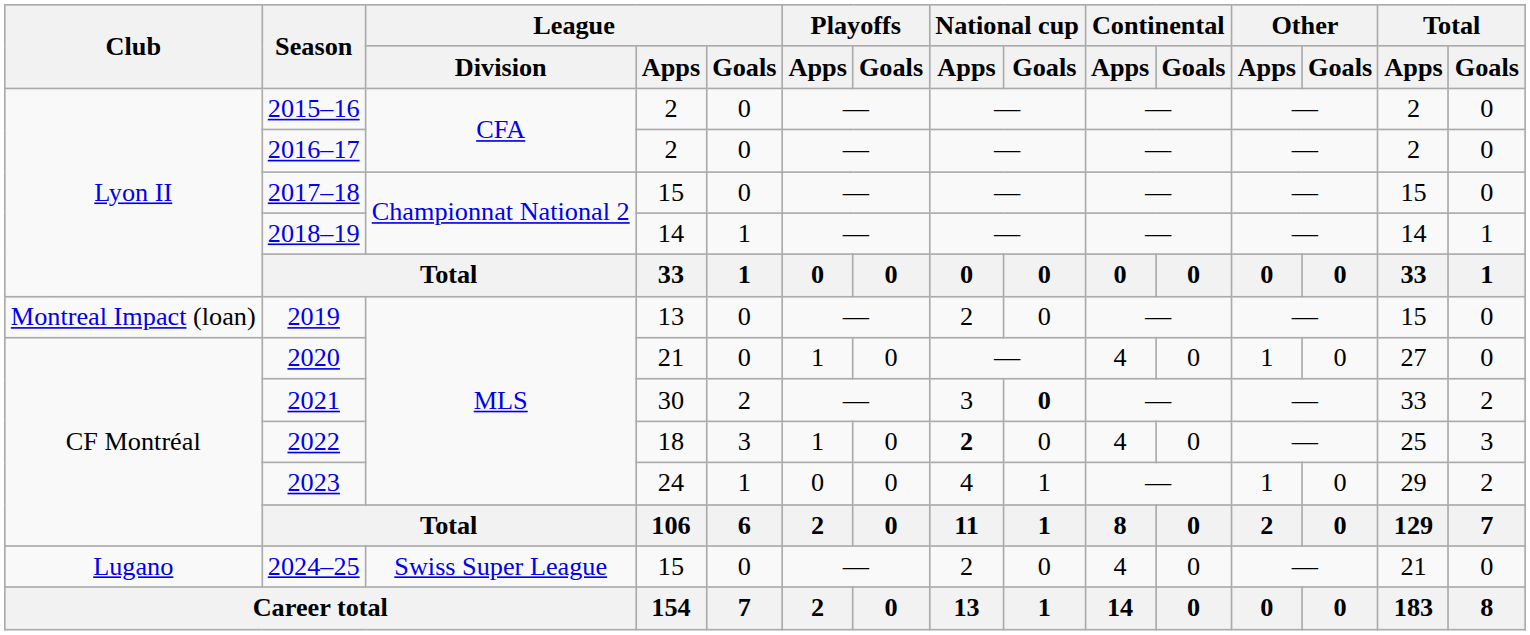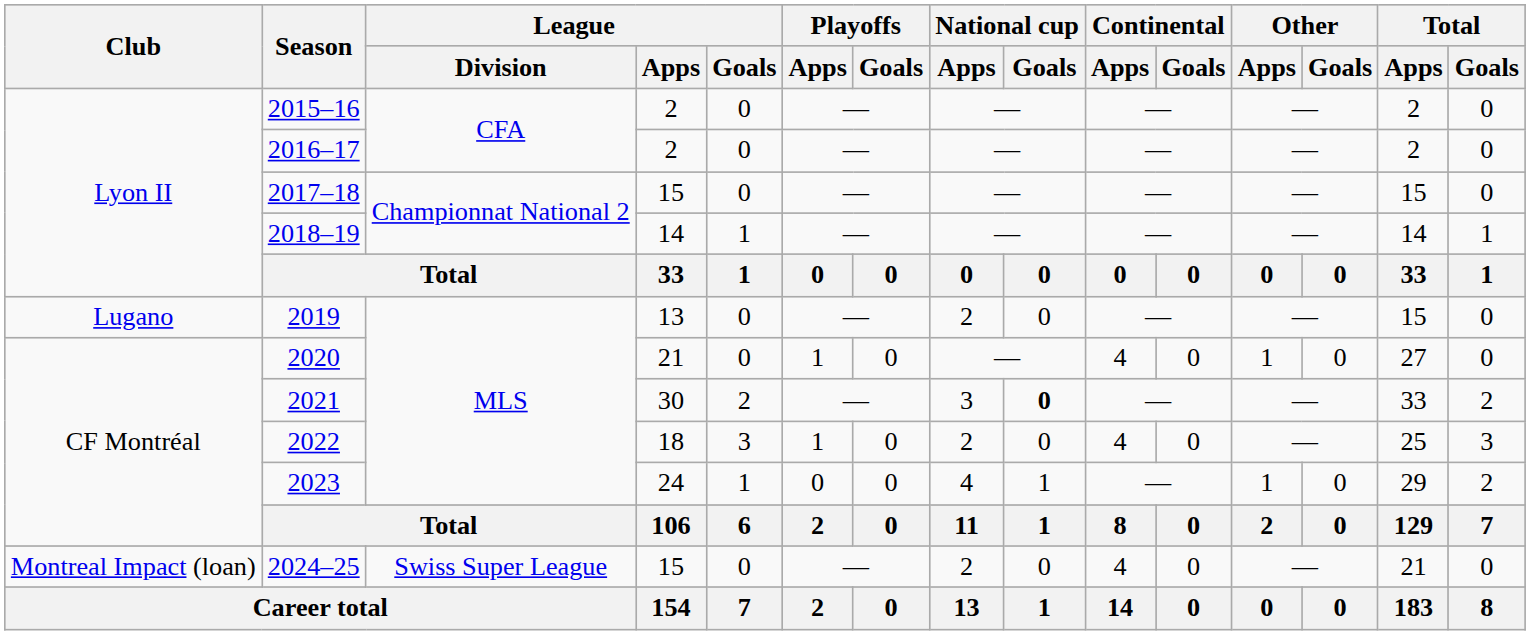 <table class="wikitable" style="text-align: center;">
 <tr>
 <th rowspan="2">Club</th>
 <th rowspan="2">Season</th>
 <th colspan="3">League</th>
 <th colspan="2">Playoffs</th>
 <th colspan="2">National cup</th>
 <th colspan="2">Continental</th>
 <th colspan="2">Other</th>
 <th colspan="2">Total</th>
 </tr>
 <tr>
 <th>Division</th>
 <th>Apps</th>
 <th>Goals</th>
 <th>Apps</th>
 <th>Goals</th>
 <th>Apps</th>
 <th>Goals</th>
 <th>Apps</th>
 <th>Goals</th>
 <th>Apps</th>
 <th>Goals</th>
 <th>Apps</th>
 <th>Goals</th>
 </tr>
 <tr>
 <td rowspan="5"><a href='#'>Lyon II</a></td>
 <td><a href='#'>2015–16</a></td>
 <td rowspan="2"><a href='#'>CFA</a></td>
 <td>2</td>
 <td>0</td>
 <td colspan="2">—</td>
 <td colspan="2">—</td>
 <td colspan="2">—</td>
 <td colspan="2">—</td>
 <td>2</td>
 <td>0</td>
 </tr>
 <tr>
 <td><a href='#'>2016–17</a></td>
 <td>2</td>
 <td>0</td>
 <td colspan="2">—</td>
 <td colspan="2">—</td>
 <td colspan="2">—</td>
 <td colspan="2">—</td>
 <td>2</td>
 <td>0</td>
 </tr>
 <tr>
 <td><a href='#'>2017–18</a></td>
 <td rowspan="2"><a href='#'>Championnat National 2</a></td>
 <td>15</td>
 <td>0</td>
 <td colspan="2">—</td>
 <td colspan="2">—</td>
 <td colspan="2">—</td>
 <td colspan="2">—</td>
 <td>15</td>
 <td>0</td>
 </tr>
 <tr>
 <td><a href='#'>2018–19</a></td>
 <td>14</td>
 <td>1</td>
 <td colspan="2">—</td>
 <td colspan="2">—</td>
 <td colspan="2">—</td>
 <td colspan="2">—</td>
 <td>14</td>
 <td>1</td>
 </tr>
 <tr>
 <th colspan="2">Total</th>
 <th>33</th>
 <th>1</th>
 <th>0</th>
 <th>0</th>
 <th>0</th>
 <th>0</th>
 <th>0</th>
 <th>0</th>
 <th>0</th>
 <th>0</th>
 <th>33</th>
 <th>1</th>
 </tr>
 <tr>
-<td><a href='#'>Montreal Impact</a> (loan)</td>
+<td><a href='#'>Lugano</a></td>
 <td><a href='#'>2019</a></td>
 <td rowspan="5"><a href='#'>MLS</a></td>
 <td>13</td>
 <td>0</td>
 <td colspan="2">—</td>
 <td>2</td>
 <td>0</td>
 <td colspan="2">—</td>
 <td colspan="2">—</td>
 <td>15</td>
 <td>0</td>
 </tr>
 <tr>
 <td rowspan="5">CF Montréal</td>
 <td><a href='#'>2020</a></td>
 <td>21</td>
 <td>0</td>
 <td>1</td>
 <td>0</td>
 <td colspan="2">—</td>
 <td>4</td>
 <td>0</td>
 <td>1</td>
 <td>0</td>
 <td>27</td>
 <td>0</td>
 </tr>
 <tr>
 <td><a href='#'>2021</a></td>
 <td>30</td>
 <td>2</td>
 <td colspan="2">—</td>
 <td>3</td>
 <td><strong>0</strong></td>
 <td colspan="2">—</td>
 <td colspan="2">—</td>
 <td>33</td>
 <td>2</td>
 </tr>
 <tr>
 <td><a href='#'>2022</a></td>
 <td>18</td>
 <td>3</td>
 <td>1</td>
 <td>0</td>
-<td><strong>2</strong></td>
+<td>2</td>
 <td>0</td>
 <td>4</td>
 <td>0</td>
 <td colspan="2">—</td>
 <td>25</td>
 <td>3</td>
 </tr>
 <tr>
 <td><a href='#'>2023</a></td>
 <td>24</td>
 <td>1</td>
 <td>0</td>
 <td>0</td>
 <td>4</td>
 <td>1</td>
 <td colspan="2">—</td>
 <td>1</td>
 <td>0</td>
 <td>29</td>
 <td>2</td>
 </tr>
 <tr>
 <th colspan="2">Total</th>
 <th>106</th>
 <th>6</th>
 <th>2</th>
 <th>0</th>
 <th>11</th>
 <th>1</th>
 <th>8</th>
 <th>0</th>
 <th>2</th>
 <th>0</th>
 <th>129</th>
 <th>7</th>
 </tr>
 <tr>
-<td><a href='#'>Lugano</a></td>
+<td><a href='#'>Montreal Impact</a> (loan)</td>
 <td><a href='#'>2024–25</a></td>
 <td><a href='#'>Swiss Super League</a></td>
 <td>15</td>
 <td>0</td>
 <td colspan="2">—</td>
 <td>2</td>
 <td>0</td>
 <td>4</td>
 <td>0</td>
 <td colspan="2">—</td>
 <td>21</td>
 <td>0</td>
 </tr>
 <tr>
 <th colspan="3">Career total</th>
 <th>154</th>
 <th>7</th>
 <th>2</th>
 <th>0</th>
 <th>13</th>
 <th>1</th>
 <th>14</th>
 <th>0</th>
 <th>0</th>
 <th>0</th>
 <th>183</th>
 <th>8</th>
 </tr>
 </table>
